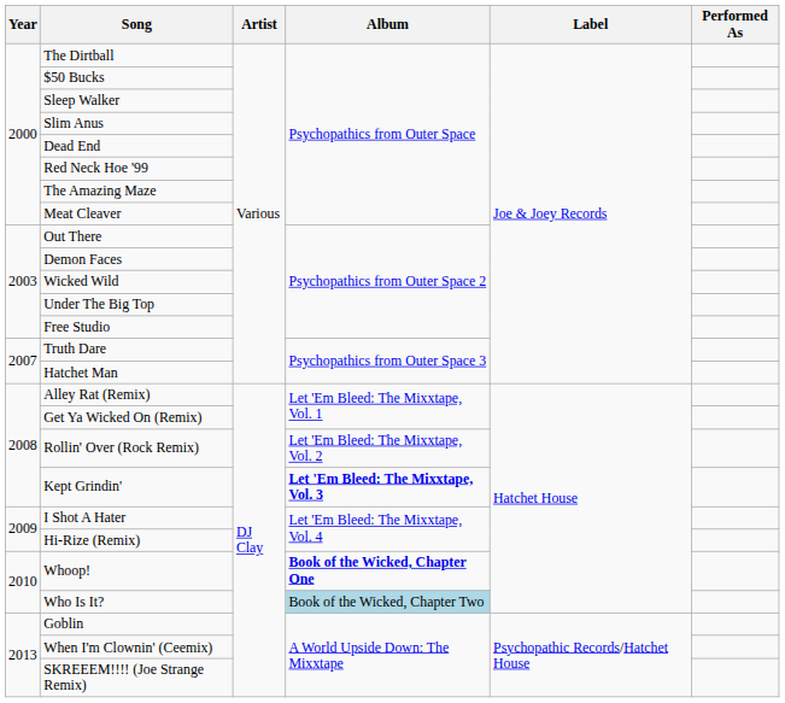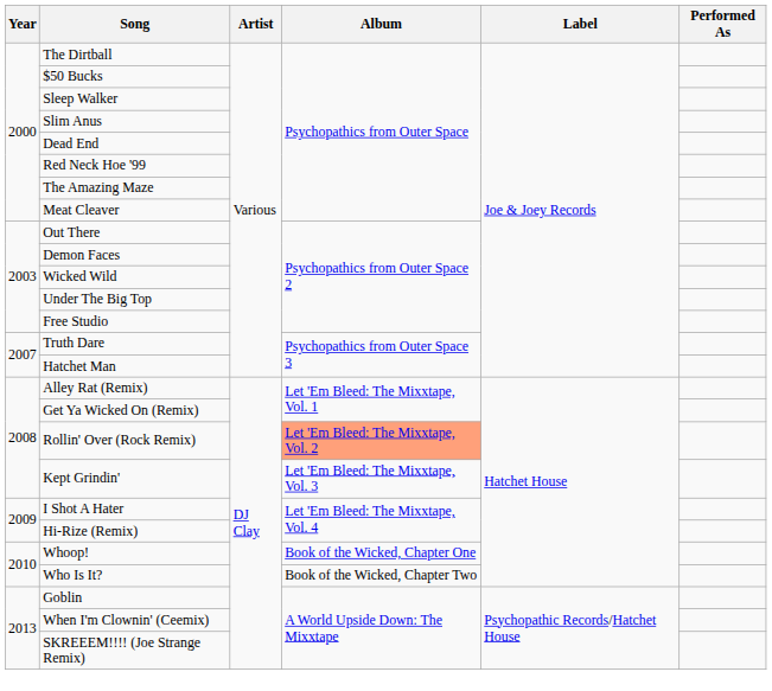 <table class="wikitable" border="1">
 <tr>
 <th>Year</th>
 <th>Song</th>
 <th>Artist</th>
 <th>Album</th>
 <th>Label</th>
 <th>Performed As</th>
 </tr>
 <tr>
 <td rowspan="8">2000</td>
 <td>The Dirtball</td>
 <td rowspan="15">Various</td>
 <td rowspan="8"><a href='#'>Psychopathics from Outer Space</a></td>
 <td rowspan="15"><a href='#'>Joe & Joey Records</a></td>
 <td></td>
 </tr>
 <tr>
 <td>$50 Bucks</td>
 <td></td>
 </tr>
 <tr>
 <td>Sleep Walker</td>
 <td></td>
 </tr>
 <tr>
 <td>Slim Anus</td>
 <td></td>
 </tr>
 <tr>
 <td>Dead End</td>
 <td></td>
 </tr>
 <tr>
 <td>Red Neck Hoe '99</td>
 <td></td>
 </tr>
 <tr>
 <td>The Amazing Maze</td>
 <td></td>
 </tr>
 <tr>
 <td>Meat Cleaver</td>
 <td></td>
 </tr>
 <tr>
 <td rowspan="5">2003</td>
 <td>Out There</td>
 <td rowspan="5"><a href='#'>Psychopathics from Outer Space 2</a></td>
 <td></td>
 </tr>
 <tr>
 <td>Demon Faces</td>
 <td></td>
 </tr>
 <tr>
 <td>Wicked Wild</td>
 <td></td>
 </tr>
 <tr>
 <td>Under The Big Top</td>
 <td></td>
 </tr>
 <tr>
 <td>Free Studio</td>
 <td></td>
 </tr>
 <tr>
 <td rowspan="2">2007</td>
 <td>Truth Dare</td>
 <td rowspan="2"><a href='#'>Psychopathics from Outer Space 3</a></td>
 <td></td>
 </tr>
 <tr>
 <td>Hatchet Man</td>
 <td></td>
 </tr>
 <tr>
 <td rowspan="4">2008</td>
 <td>Alley Rat (Remix)</td>
 <td rowspan="11"><a href='#'>DJ Clay</a></td>
 <td rowspan="2"><a href='#'>Let 'Em Bleed: The Mixxtape, Vol. 1</a></td>
 <td rowspan="8"><a href='#'>Hatchet House</a></td>
 <td></td>
 </tr>
 <tr>
 <td>Get Ya Wicked On (Remix)</td>
 <td></td>
 </tr>
 <tr>
 <td>Rollin' Over (Rock Remix)</td>
-<td><a href='#'>Let 'Em Bleed: The Mixxtape, Vol. 2</a></td>
+<td style="background: lightsalmon;"><a href='#'>Let 'Em Bleed: The Mixxtape, Vol. 2</a></td>
 <td></td>
 </tr>
 <tr>
 <td>Kept Grindin'</td>
-<td><strong><a href='#'>Let 'Em Bleed: The Mixxtape, Vol. 3</a></strong></td>
+<td><a href='#'>Let 'Em Bleed: The Mixxtape, Vol. 3</a></td>
 <td></td>
 </tr>
 <tr>
 <td rowspan="2">2009</td>
 <td>I Shot A Hater</td>
 <td rowspan="2"><a href='#'>Let 'Em Bleed: The Mixxtape, Vol. 4</a></td>
 <td></td>
 </tr>
 <tr>
 <td>Hi-Rize (Remix)</td>
 <td></td>
 </tr>
 <tr>
 <td rowspan="2">2010</td>
 <td>Whoop!</td>
-<td><strong><a href='#'>Book of the Wicked, Chapter One</a></strong></td>
+<td><a href='#'>Book of the Wicked, Chapter One</a></td>
 <td></td>
 </tr>
 <tr>
 <td>Who Is It?</td>
-<td style="background: lightblue;">Book of the Wicked, Chapter Two</td>
+<td>Book of the Wicked, Chapter Two</td>
 <td></td>
 </tr>
 <tr>
 <td rowspan="3">2013</td>
 <td>Goblin</td>
 <td rowspan="3"><a href='#'>A World Upside Down: The Mixxtape</a></td>
 <td rowspan="3"><a href='#'>Psychopathic Records</a>/<a href='#'>Hatchet House</a></td>
 <td></td>
 </tr>
 <tr>
 <td>When I'm Clownin' (Ceemix)</td>
 <td></td>
 </tr>
 <tr>
 <td>SKREEEM!!!!  (Joe Strange Remix)</td>
 <td></td>
 </tr>
 </table>
